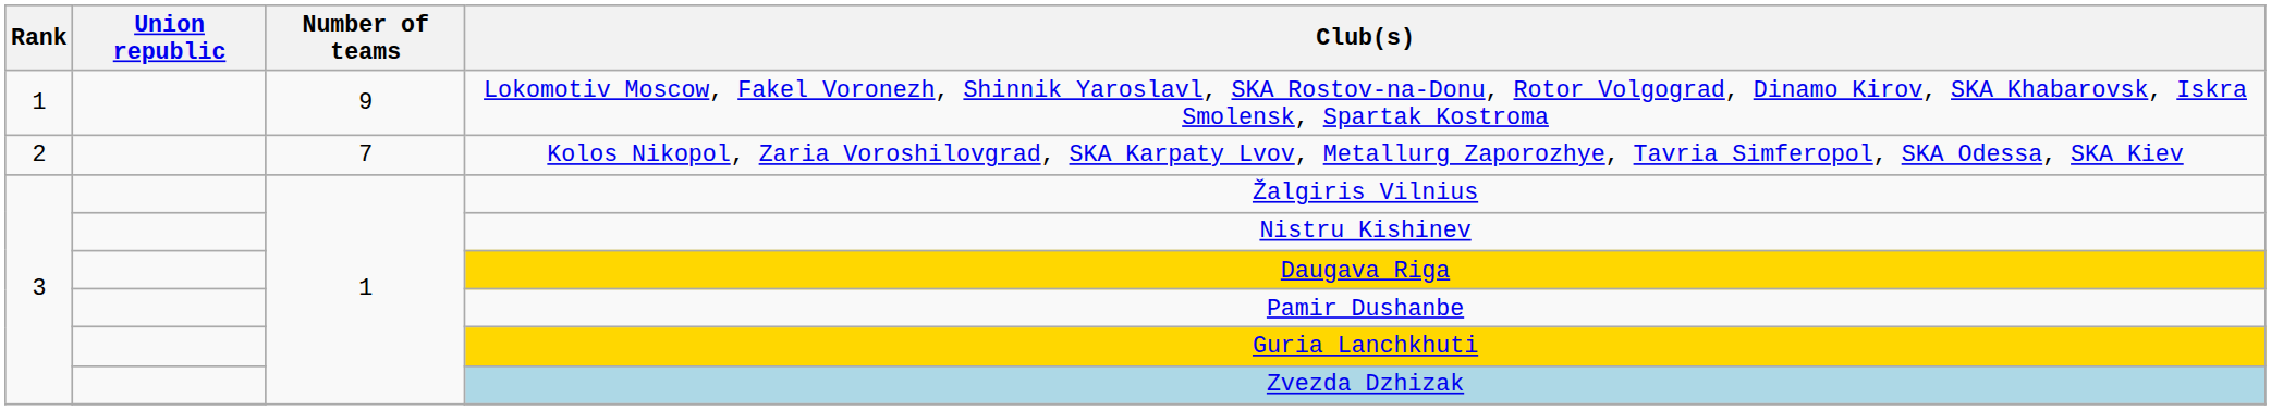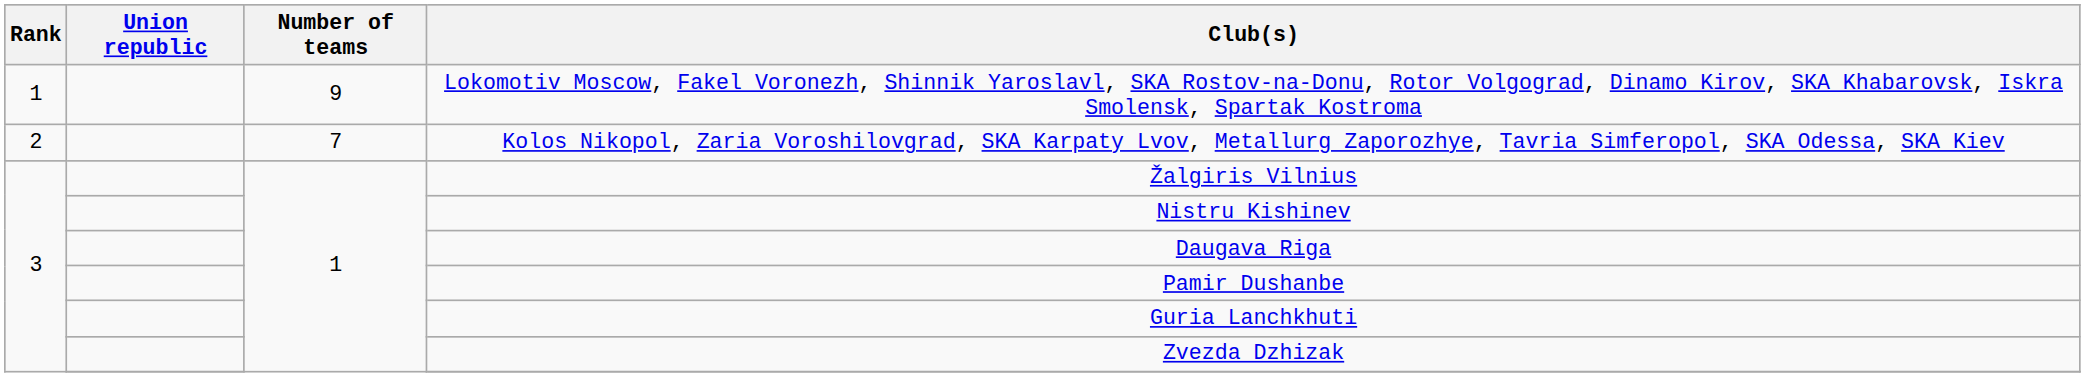 <table class="wikitable">
 <tr>
 <th>Rank</th>
 <th><a href='#'>Union republic</a></th>
 <th>Number of teams</th>
 <th>Club(s)</th>
 </tr>
 <tr>
 <td align="center">1</td>
 <td></td>
 <td align="center">9</td>
 <td align="center"><a href='#'>Lokomotiv Moscow</a>, <a href='#'>Fakel Voronezh</a>, <a href='#'>Shinnik Yaroslavl</a>, <a href='#'>SKA Rostov-na-Donu</a>, <a href='#'>Rotor Volgograd</a>, <a href='#'>Dinamo Kirov</a>, <a href='#'>SKA Khabarovsk</a>, <a href='#'>Iskra Smolensk</a>, <a href='#'>Spartak Kostroma</a></td>
 </tr>
 <tr>
 <td align="center">2</td>
 <td></td>
 <td align="center">7</td>
 <td align="center"><a href='#'>Kolos Nikopol</a>, <a href='#'>Zaria Voroshilovgrad</a>, <a href='#'>SKA Karpaty Lvov</a>, <a href='#'>Metallurg Zaporozhye</a>, <a href='#'>Tavria Simferopol</a>, <a href='#'>SKA Odessa</a>, <a href='#'>SKA Kiev</a></td>
 </tr>
 <tr>
 <td align="center" rowspan=10>3</td>
 <td></td>
 <td align="center" rowspan=10>1</td>
 <td align="center"><a href='#'>Žalgiris Vilnius</a></td>
 </tr>
 <tr>
 <td></td>
 <td align="center"><a href='#'>Nistru Kishinev</a></td>
 </tr>
 <tr>
 <td></td>
-<td align="center" style="background: gold;"><a href='#'>Daugava Riga</a></td>
+<td align="center"><a href='#'>Daugava Riga</a></td>
 </tr>
 <tr>
 <td></td>
 <td align="center"><a href='#'>Pamir Dushanbe</a></td>
 </tr>
 <tr>
 <td></td>
-<td align="center" style="background: gold;"><a href='#'>Guria Lanchkhuti</a></td>
+<td align="center"><a href='#'>Guria Lanchkhuti</a></td>
 </tr>
 <tr>
 <td></td>
-<td align="center" style="background: lightblue;"><a href='#'>Zvezda Dzhizak</a></td>
+<td align="center"><a href='#'>Zvezda Dzhizak</a></td>
 </tr>
 <tr>
 </tr>
 </table>
